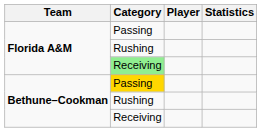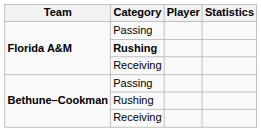 <table class="wikitable" style="float: right;">
 <tr>
 <th>Team</th>
 <th>Category</th>
 <th>Player</th>
 <th>Statistics</th>
 </tr>
 <tr>
 <td rowspan=3><strong>Florida A&M</strong></td>
 <td>Passing</td>
 <td></td>
 <td></td>
 </tr>
 <tr>
-<td>Rushing</td>
+<td><strong>Rushing</strong></td>
 <td></td>
 <td></td>
 </tr>
 <tr>
-<td style="background: lightgreen;">Receiving</td>
+<td>Receiving</td>
 <td></td>
 <td></td>
 </tr>
 <tr>
 <td rowspan=3><strong>Bethune–Cookman</strong></td>
-<td style="background: gold;">Passing</td>
+<td>Passing</td>
 <td></td>
 <td></td>
 </tr>
 <tr>
 <td>Rushing</td>
 <td></td>
 <td></td>
 </tr>
 <tr>
 <td>Receiving</td>
 <td></td>
 <td></td>
 </tr>
 </table>
